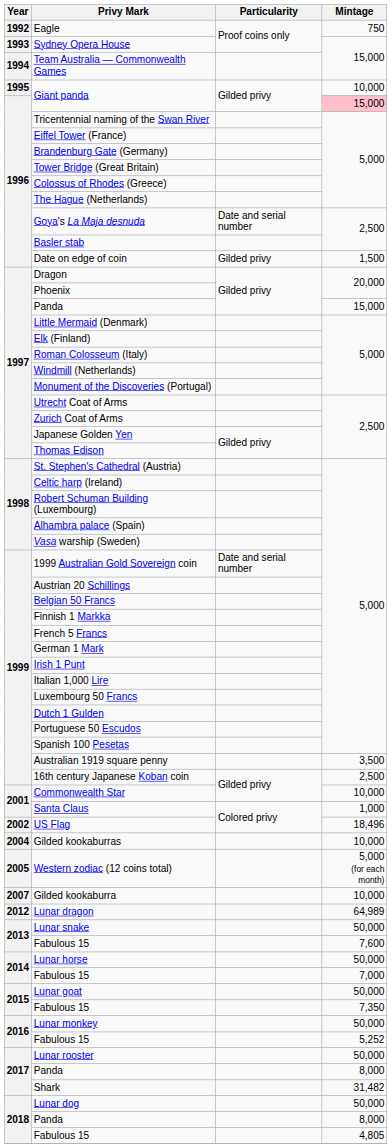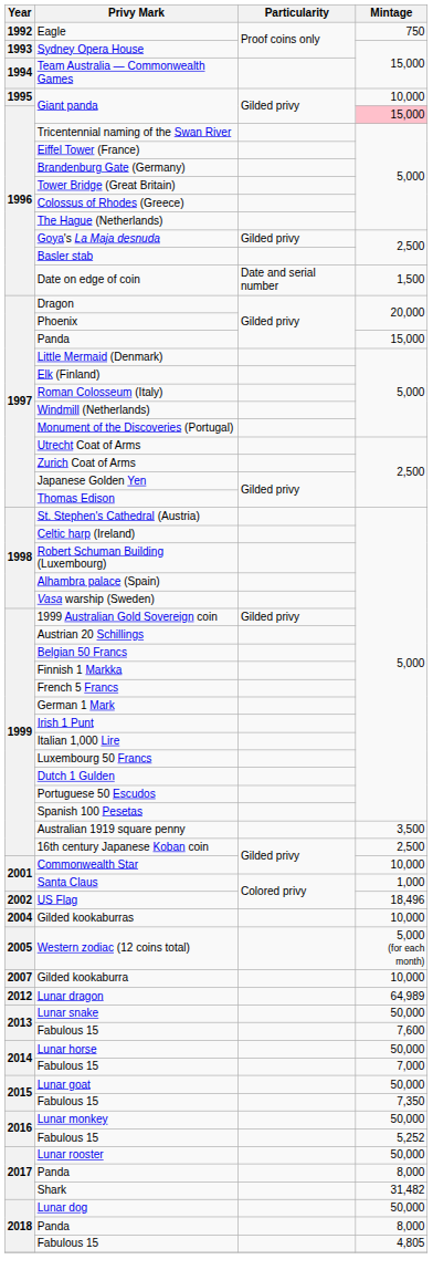 <table class="wikitable" style="display:inline-table">
 <tr>
 <th>Year</th>
 <th>Privy Mark</th>
 <th>Particularity</th>
 <th>Mintage</th>
 </tr>
 <tr>
 <th>1992</th>
 <td>Eagle</td>
 <td rowspan="2">Proof coins only</td>
 <td style="text-align:right;">750</td>
 </tr>
 <tr>
 <th>1993</th>
 <td><a href='#'>Sydney Opera House</a></td>
 <td rowspan="2" style="text-align:right;">15,000</td>
 </tr>
 <tr>
 <th>1994</th>
 <td><a href='#'>Team Australia — Commonwealth Games</a></td>
 <td></td>
 </tr>
 <tr>
 <th>1995</th>
 <td rowspan="2"><a href='#'>Giant panda</a></td>
 <td rowspan="2">Gilded privy</td>
 <td style="text-align:right;">10,000</td>
 </tr>
 <tr>
 <th rowspan="10">1996</th>
 <td style="background: pink; text-align:right;">15,000</td>
 </tr>
 <tr>
 <td>Tricentennial naming of the <a href='#'>Swan River</a></td>
 <td></td>
 <td rowspan="6" style="text-align:right;">5,000</td>
 </tr>
 <tr>
 <td><a href='#'>Eiffel Tower</a> (France)</td>
 <td></td>
 </tr>
 <tr>
 <td><a href='#'>Brandenburg Gate</a> (Germany)</td>
 <td></td>
 </tr>
 <tr>
 <td><a href='#'>Tower Bridge</a> (Great Britain)</td>
 <td></td>
 </tr>
 <tr>
 <td><a href='#'>Colossus of Rhodes</a> (Greece)</td>
 <td></td>
 </tr>
 <tr>
 <td><a href='#'>The Hague</a> (Netherlands)</td>
 <td></td>
 </tr>
 <tr>
 <td><a href='#'>Goya</a>'s <em><a href='#'>La Maja desnuda</a></em></td>
-<td>Date and serial number</td>
+<td>Gilded privy</td>
 <td rowspan="2" style="text-align:right;">2,500</td>
 </tr>
 <tr>
 <td><a href='#'>Basler stab</a></td>
 <td></td>
 </tr>
 <tr>
 <td>Date on edge of coin</td>
-<td>Gilded privy</td>
+<td>Date and serial number</td>
 <td style="text-align:right;">1,500</td>
 </tr>
 <tr>
 <th rowspan="12">1997</th>
 <td>Dragon</td>
 <td rowspan="3">Gilded privy</td>
 <td rowspan="2" style="text-align:right;">20,000</td>
 </tr>
 <tr>
 <td>Phoenix</td>
 </tr>
 <tr>
 <td>Panda</td>
 <td style="text-align:right;">15,000</td>
 </tr>
 <tr>
 <td><a href='#'>Little Mermaid</a> (Denmark)</td>
 <td></td>
 <td rowspan="5" style="text-align:right;">5,000</td>
 </tr>
 <tr>
 <td><a href='#'>Elk</a> (Finland)</td>
 <td></td>
 </tr>
 <tr>
 <td><a href='#'>Roman Colosseum</a> (Italy)</td>
 <td></td>
 </tr>
 <tr>
 <td><a href='#'>Windmill</a> (Netherlands)</td>
 <td></td>
 </tr>
 <tr>
 <td><a href='#'>Monument of the Discoveries</a> (Portugal)</td>
 <td></td>
 </tr>
 <tr>
 <td><a href='#'>Utrecht</a> Coat of Arms</td>
 <td></td>
 <td rowspan="4" style="text-align:right;">2,500</td>
 </tr>
 <tr>
 <td><a href='#'>Zurich</a> Coat of Arms</td>
 <td></td>
 </tr>
 <tr>
 <td>Japanese Golden <a href='#'>Yen</a></td>
 <td rowspan="2">Gilded privy</td>
 </tr>
 <tr>
 <td><a href='#'>Thomas Edison</a></td>
 </tr>
 <tr>
 <th rowspan="5">1998</th>
 <td><a href='#'>St. Stephen's Cathedral</a> (Austria)</td>
 <td></td>
 <td rowspan="17" style="text-align:right;">5,000</td>
 </tr>
 <tr>
 <td><a href='#'>Celtic harp</a> (Ireland)</td>
 <td></td>
 </tr>
 <tr>
 <td><a href='#'>Robert Schuman Building</a> (Luxembourg)</td>
 <td></td>
 </tr>
 <tr>
 <td><a href='#'>Alhambra palace</a> (Spain)</td>
 <td></td>
 </tr>
 <tr>
 <td><a href='#'><em>Vasa</em></a> warship (Sweden)</td>
 <td></td>
 </tr>
 <tr>
 <th rowspan="14">1999</th>
 <td>1999 <a href='#'>Australian Gold Sovereign</a> coin</td>
-<td>Date and serial number</td>
+<td>Gilded privy</td>
 </tr>
 <tr>
 <td>Austrian 20 <a href='#'>Schillings</a></td>
 <td></td>
 </tr>
 <tr>
 <td><a href='#'>Belgian 50 Francs</a></td>
 <td></td>
 </tr>
 <tr>
 <td>Finnish 1 <a href='#'>Markka</a></td>
 <td></td>
 </tr>
 <tr>
 <td>French 5 <a href='#'>Francs</a></td>
 <td></td>
 </tr>
 <tr>
 <td>German 1 <a href='#'>Mark</a></td>
 <td></td>
 </tr>
 <tr>
 <td><a href='#'>Irish 1 Punt</a></td>
 <td></td>
 </tr>
 <tr>
 <td>Italian 1,000 <a href='#'>Lire</a></td>
 <td></td>
 </tr>
 <tr>
 <td>Luxembourg 50 <a href='#'>Francs</a></td>
 <td></td>
 </tr>
 <tr>
 <td><a href='#'>Dutch 1 Gulden</a></td>
 <td></td>
 </tr>
 <tr>
 <td>Portuguese 50 <a href='#'>Escudos</a></td>
 <td></td>
 </tr>
 <tr>
 <td>Spanish 100 <a href='#'>Pesetas</a></td>
 <td></td>
 </tr>
 <tr>
 <td>Australian 1919 square penny</td>
 <td></td>
 <td style="text-align:right;">3,500</td>
 </tr>
 <tr>
 <td>16th century Japanese <a href='#'>Koban</a> coin</td>
 <td rowspan="2">Gilded privy</td>
 <td style="text-align:right;">2,500</td>
 </tr>
 <tr>
 <th rowspan="2">2001</th>
 <td><a href='#'>Commonwealth Star</a></td>
 <td style="text-align:right;">10,000</td>
 </tr>
 <tr>
 <td><a href='#'>Santa Claus</a></td>
 <td rowspan="2">Colored privy</td>
 <td style="text-align:right;">1,000</td>
 </tr>
 <tr>
 <th>2002</th>
 <td><a href='#'>US Flag</a></td>
 <td style="text-align:right;">18,496</td>
 </tr>
 <tr>
 <th>2004</th>
 <td>Gilded kookaburras</td>
 <td></td>
 <td style="text-align:right;">10,000</td>
 </tr>
 <tr>
 <th>2005</th>
 <td><a href='#'>Western zodiac</a> (12 coins total)</td>
 <td></td>
 <td style="text-align:right;">5,000<br><small>(for each month)</small></td>
 </tr>
 <tr>
 <th>2007</th>
 <td>Gilded kookaburra</td>
 <td></td>
 <td style="text-align:right;">10,000</td>
 </tr>
 <tr>
 <th>2012</th>
 <td><a href='#'>Lunar dragon</a></td>
 <td></td>
 <td style="text-align:right;">64,989</td>
 </tr>
 <tr>
 <th rowspan="2">2013</th>
 <td><a href='#'>Lunar snake</a></td>
 <td></td>
 <td style="text-align:right;">50,000</td>
 </tr>
 <tr>
 <td>Fabulous 15</td>
 <td></td>
 <td style="text-align:right;">7,600</td>
 </tr>
 <tr>
 <th rowspan="2">2014</th>
 <td><a href='#'>Lunar horse</a></td>
 <td></td>
 <td style="text-align:right;">50,000</td>
 </tr>
 <tr>
 <td>Fabulous 15</td>
 <td></td>
 <td style="text-align:right;">7,000</td>
 </tr>
 <tr>
 <th rowspan="2">2015</th>
 <td><a href='#'>Lunar goat</a></td>
 <td></td>
 <td style="text-align:right;">50,000</td>
 </tr>
 <tr>
 <td>Fabulous 15</td>
 <td></td>
 <td style="text-align:right;">7,350</td>
 </tr>
 <tr>
 <th rowspan="2">2016</th>
 <td><a href='#'>Lunar monkey</a></td>
 <td></td>
 <td style="text-align:right;">50,000</td>
 </tr>
 <tr>
 <td>Fabulous 15</td>
 <td></td>
 <td style="text-align:right;">5,252</td>
 </tr>
 <tr>
 <th rowspan="3">2017</th>
 <td><a href='#'>Lunar rooster</a></td>
 <td></td>
 <td style="text-align:right;">50,000</td>
 </tr>
 <tr>
 <td>Panda</td>
 <td></td>
 <td style="text-align:right;">8,000</td>
 </tr>
 <tr>
 <td>Shark</td>
 <td></td>
 <td style="text-align:right;">31,482</td>
 </tr>
 <tr>
 <th rowspan="3">2018</th>
 <td><a href='#'>Lunar dog</a></td>
 <td></td>
 <td style="text-align:right;">50,000</td>
 </tr>
 <tr>
 <td>Panda</td>
 <td></td>
 <td style="text-align:right;">8,000</td>
 </tr>
 <tr>
 <td>Fabulous 15</td>
 <td></td>
 <td style="text-align:right;">4,805</td>
 </tr>
 <tr>
 </tr>
 </table>
